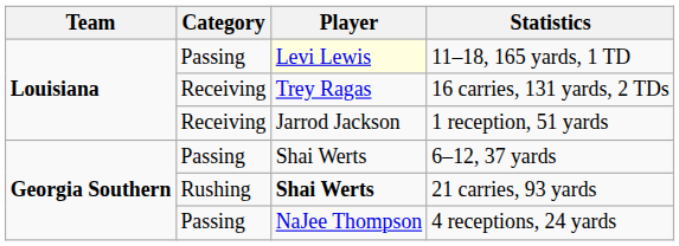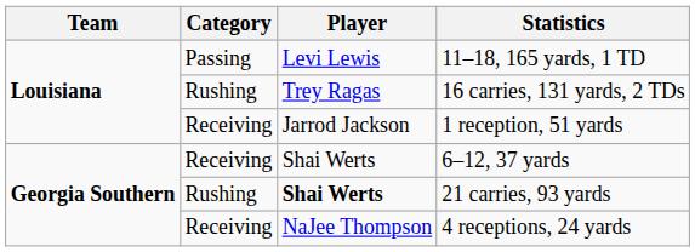 <table class="wikitable" style="float: left;">
 <tr>
 <th>Team</th>
 <th>Category</th>
 <th>Player</th>
 <th>Statistics</th>
 </tr>
 <tr>
 <td rowspan=3><strong>Louisiana</strong></td>
 <td>Passing</td>
-<td style="background: lightyellow;"><a href='#'>Levi Lewis</a></td>
+<td><a href='#'>Levi Lewis</a></td>
 <td>11–18, 165 yards, 1 TD</td>
 </tr>
 <tr>
-<td>Receiving</td>
+<td>Rushing</td>
 <td><a href='#'>Trey Ragas</a></td>
 <td>16 carries, 131 yards, 2 TDs</td>
 </tr>
 <tr>
 <td>Receiving</td>
 <td>Jarrod Jackson</td>
 <td>1 reception, 51 yards</td>
 </tr>
 <tr>
 <td rowspan=3><strong>Georgia Southern</strong></td>
-<td>Passing</td>
+<td>Receiving</td>
 <td>Shai Werts</td>
 <td>6–12, 37 yards</td>
 </tr>
 <tr>
 <td>Rushing</td>
 <td><strong>Shai Werts</strong></td>
 <td>21 carries, 93 yards</td>
 </tr>
 <tr>
-<td>Passing</td>
+<td>Receiving</td>
 <td><a href='#'>NaJee Thompson</a></td>
 <td>4 receptions, 24 yards</td>
 </tr>
 </table>
